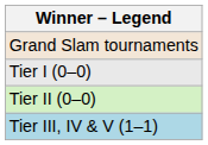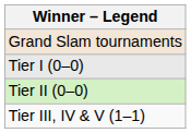 <table class=wikitable>
 <tr>
 <th>Winner – Legend</th>
 </tr>
 <tr>
 <td style="background:#f3e6d7;">Grand Slam tournaments</td>
 </tr>
 <tr>
 <td style="background:#e9e9e9;">Tier I (0–0)</td>
 </tr>
 <tr>
 <td style="background:#d4f1c5;">Tier II (0–0)</td>
 </tr>
 <tr>
-<td style="background: lightblue;">Tier III, IV & V (1–1)</td>
+<td>Tier III, IV & V (1–1)</td>
 </tr>
 </table>
